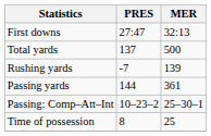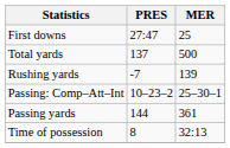 <table class="wikitable" style="float: left;">
 <tr>
 <th>Statistics</th>
 <th>PRES</th>
 <th>MER</th>
 </tr>
 <tr>
 <td>First downs</td>
 <td>27:47</td>
-<td>32:13</td>
+<td>25</td>
 </tr>
 <tr>
 <td>Total yards</td>
 <td>137</td>
 <td>500</td>
 </tr>
 <tr>
 <td>Rushing yards</td>
 <td>-7</td>
 <td>139</td>
 </tr>
 <tr>
+<td>Passing: Comp–Att–Int</td>
+<td>10–23–2</td>
+<td>25–30–1</td>
+</tr>
+<tr>
 <td>Passing yards</td>
 <td>144</td>
 <td>361</td>
 </tr>
 <tr>
-<td>Passing: Comp–Att–Int</td>
-<td>10–23–2</td>
-<td>25–30–1</td>
-</tr>
-<tr>
 <td>Time of possession</td>
 <td>8</td>
-<td>25</td>
+<td>32:13</td>
 </tr>
 <tr>
 </tr>
 </table>
